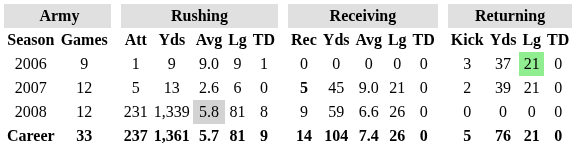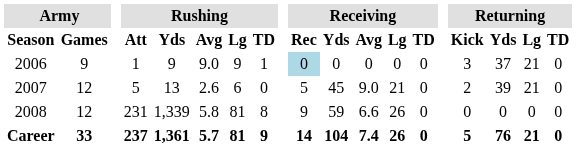 <table BORDER="0" CELLPADDING="3" CELLSPACING="0" ID="Table3" border="2">
 <tr ALIGN="center" bgcolor="#e0e0e0">
 <th ALIGN="center" colspan="2"> Army</th>
 <th ALIGN="center" rowspan="99" bgcolor="#ffffff"> </th>
 <th ALIGN="center" colspan="5">Rushing</th>
 <th ALIGN="center" rowspan="99" bgcolor="#ffffff"> </th>
 <th ALIGN="center" colspan="5">Receiving</th>
 <th ALIGN="center" rowspan="99" bgcolor="#ffffff"> </th>
 <th ALIGN="center" colspan="4">Returning</th>
 </tr>
 <tr ALIGN="center">
 <th ALIGN="center">Season</th>
 <th ALIGN="center">Games</th>
 <th ALIGN="center">Att</th>
 <th ALIGN="center">Yds</th>
 <th ALIGN="center">Avg</th>
 <th ALIGN="center">Lg</th>
 <th ALIGN="center">TD</th>
 <th ALIGN="center">Rec</th>
 <th ALIGN="center">Yds</th>
 <th ALIGN="center">Avg</th>
 <th ALIGN="center">Lg</th>
 <th ALIGN="center">TD</th>
 <th ALIGN="center">Kick</th>
 <th ALIGN="center">Yds</th>
 <th ALIGN="center">Lg</th>
 <th ALIGN="center">TD</th>
 </tr>
 <tr ALIGN="center">
 <td ALIGN="center">2006</td>
 <td ALIGN="center">9</td>
 <td ALIGN="center">1</td>
 <td ALIGN="center">9</td>
 <td ALIGN="center">9.0</td>
 <td ALIGN="center">9</td>
 <td ALIGN="center">1</td>
-<td ALIGN="center">0</td>
+<td ALIGN="center" style="background: lightblue;">0</td>
 <td ALIGN="center">0</td>
 <td ALIGN="center">0</td>
 <td ALIGN="center">0</td>
 <td ALIGN="center">0</td>
 <td ALIGN="center">3</td>
 <td ALIGN="center">37</td>
-<td ALIGN="center" style="background: lightgreen;">21</td>
+<td ALIGN="center">21</td>
 <td ALIGN="center">0</td>
 </tr>
 <tr ALIGN="center">
 <td ALIGN="center">2007</td>
 <td ALIGN="center">12</td>
 <td ALIGN="center">5</td>
 <td ALIGN="center">13</td>
 <td ALIGN="center">2.6</td>
 <td ALIGN="center">6</td>
 <td ALIGN="center">0</td>
-<td ALIGN="center"><strong>5</strong></td>
+<td ALIGN="center">5</td>
 <td ALIGN="center">45</td>
 <td ALIGN="center">9.0</td>
 <td ALIGN="center">21</td>
 <td ALIGN="center">0</td>
 <td ALIGN="center">2</td>
 <td ALIGN="center">39</td>
 <td ALIGN="center">21</td>
 <td ALIGN="center">0</td>
 </tr>
 <tr ALIGN="center">
 <td ALIGN="center">2008</td>
 <td ALIGN="center">12</td>
 <td ALIGN="center">231</td>
 <td ALIGN="center">1,339</td>
-<td ALIGN="center" style="background: lightgrey;">5.8</td>
+<td ALIGN="center">5.8</td>
 <td ALIGN="center">81</td>
 <td ALIGN="center">8</td>
 <td ALIGN="center">9</td>
 <td ALIGN="center">59</td>
 <td ALIGN="center">6.6</td>
 <td ALIGN="center">26</td>
 <td ALIGN="center">0</td>
 <td ALIGN="center">0</td>
 <td ALIGN="center">0</td>
 <td ALIGN="center">0</td>
 <td ALIGN="center">0</td>
 </tr>
 <tr ALIGN="center">
 <th ALIGN="center">Career</th>
 <th ALIGN="center">33</th>
 <th ALIGN="center">237</th>
 <th ALIGN="center">1,361</th>
 <th ALIGN="center">5.7</th>
 <th ALIGN="center">81</th>
 <th ALIGN="center">9</th>
 <th ALIGN="center">14</th>
 <th ALIGN="center">104</th>
 <th ALIGN="center">7.4</th>
 <th ALIGN="center">26</th>
 <th ALIGN="center">0</th>
 <th ALIGN="center">5</th>
 <th ALIGN="center">76</th>
 <th ALIGN="center">21</th>
 <th ALIGN="center">0</th>
 </tr>
 </table>
